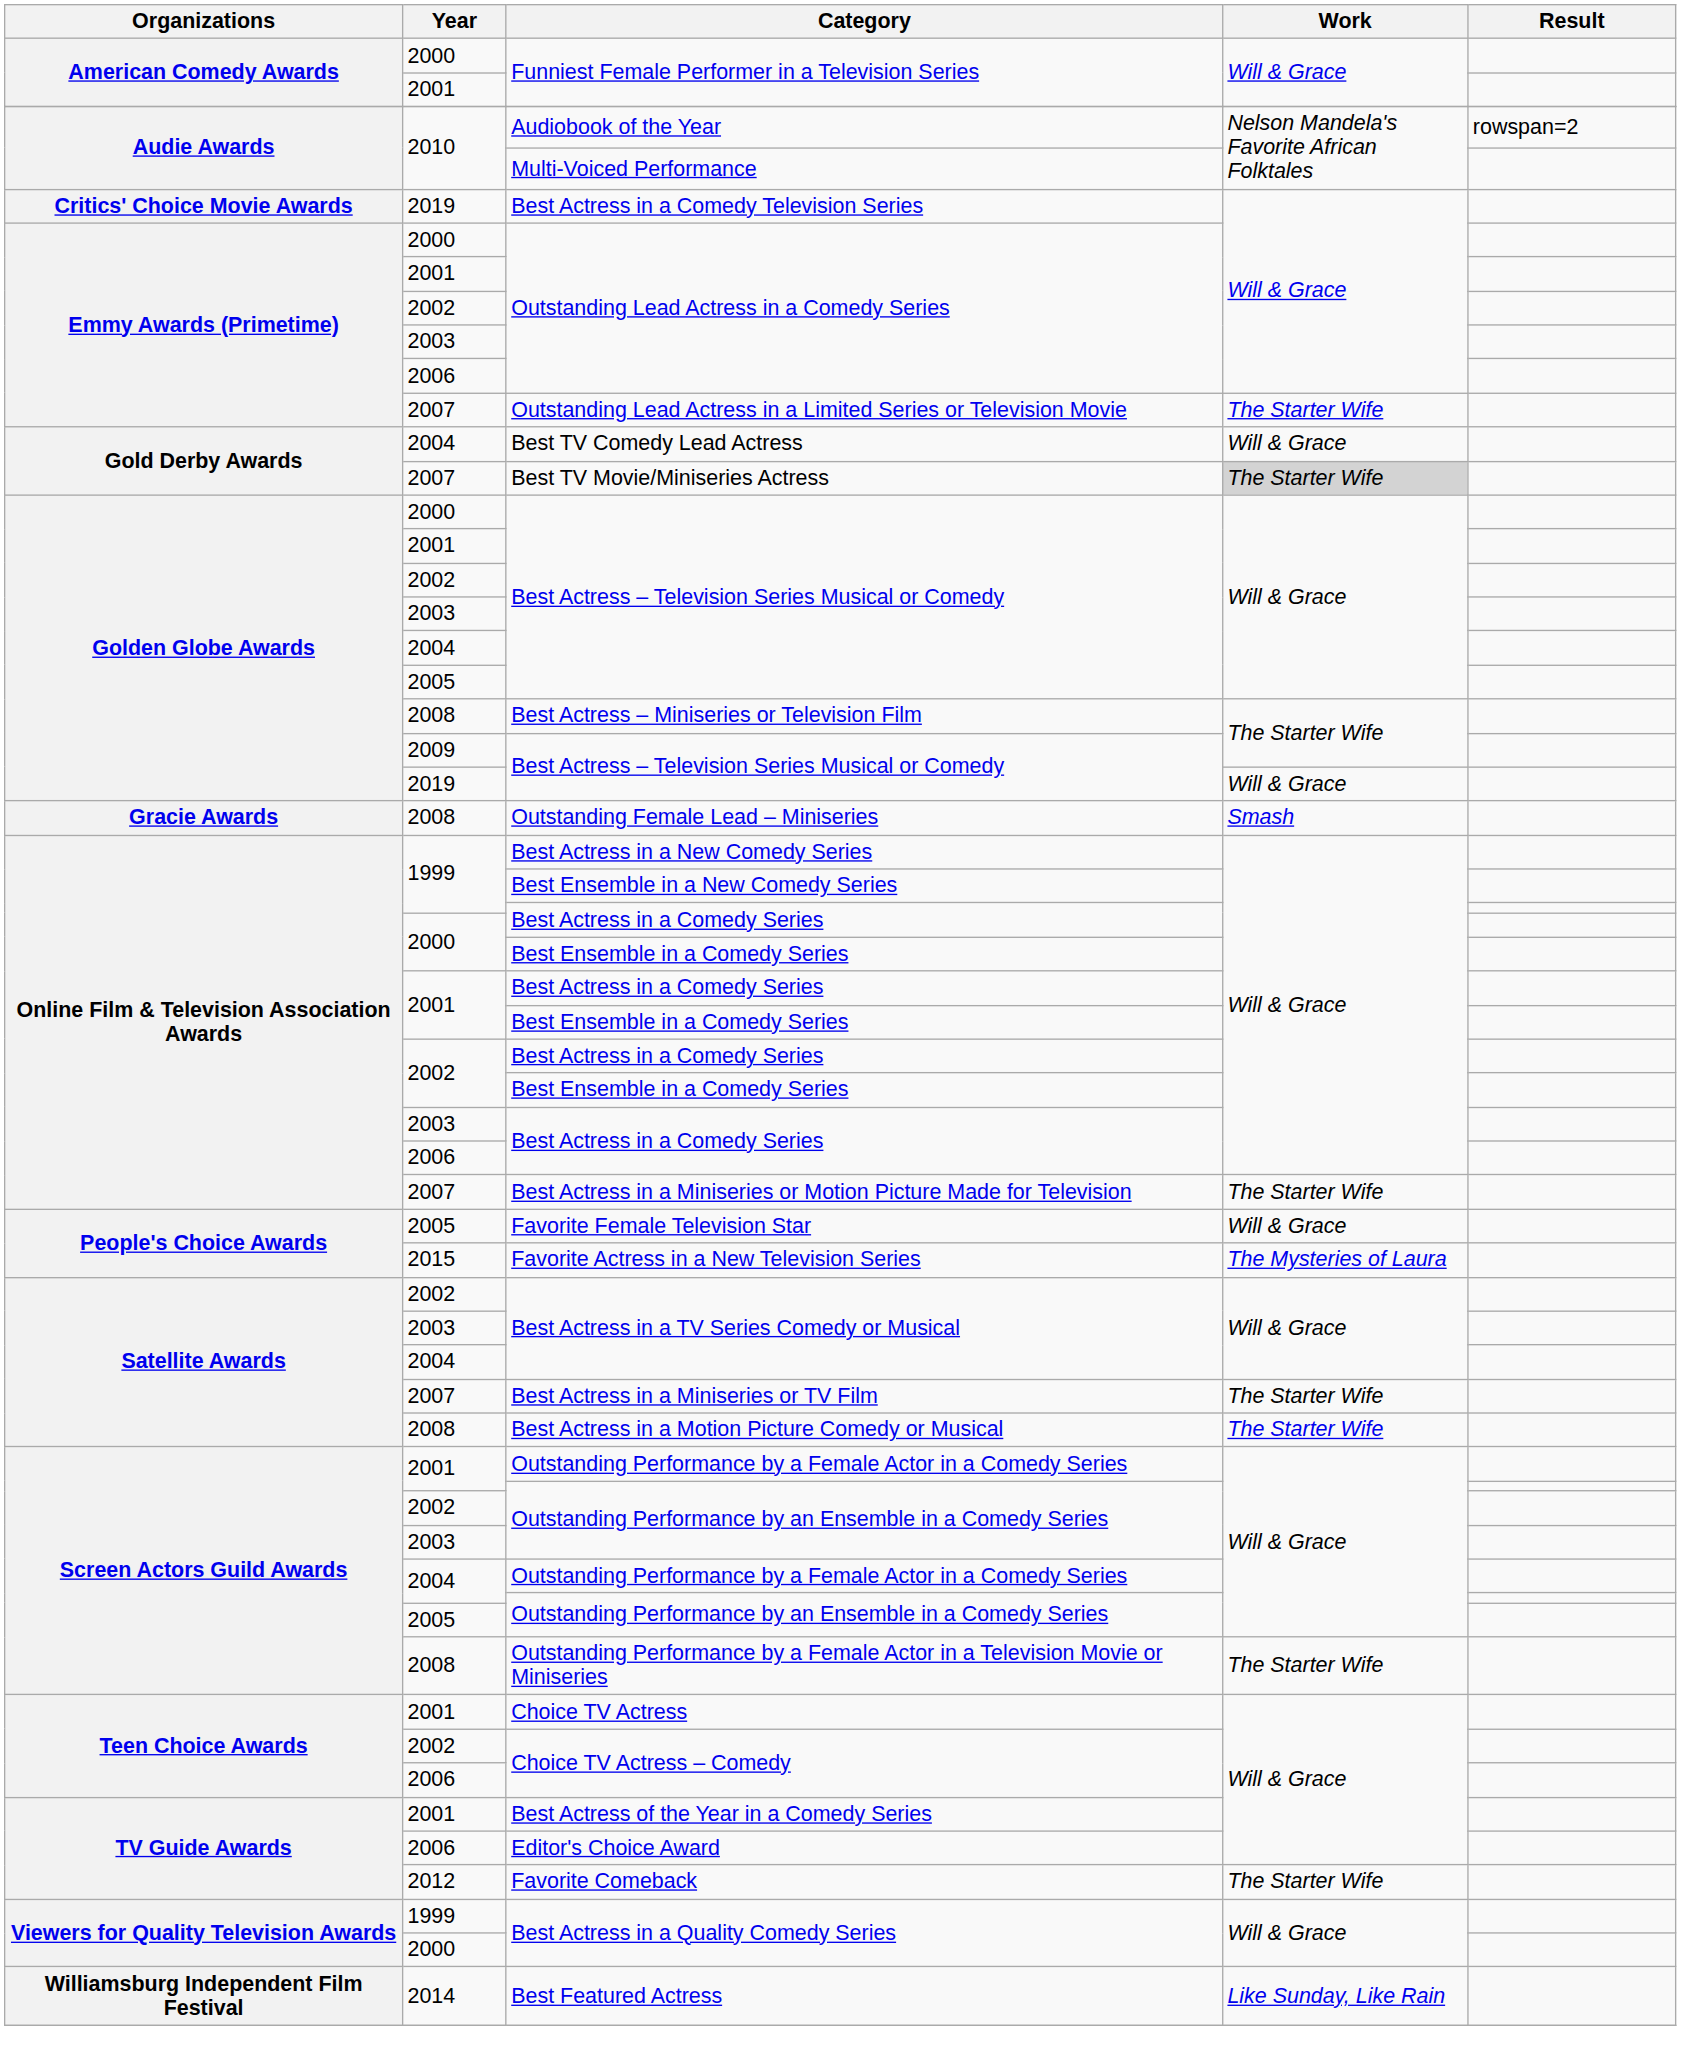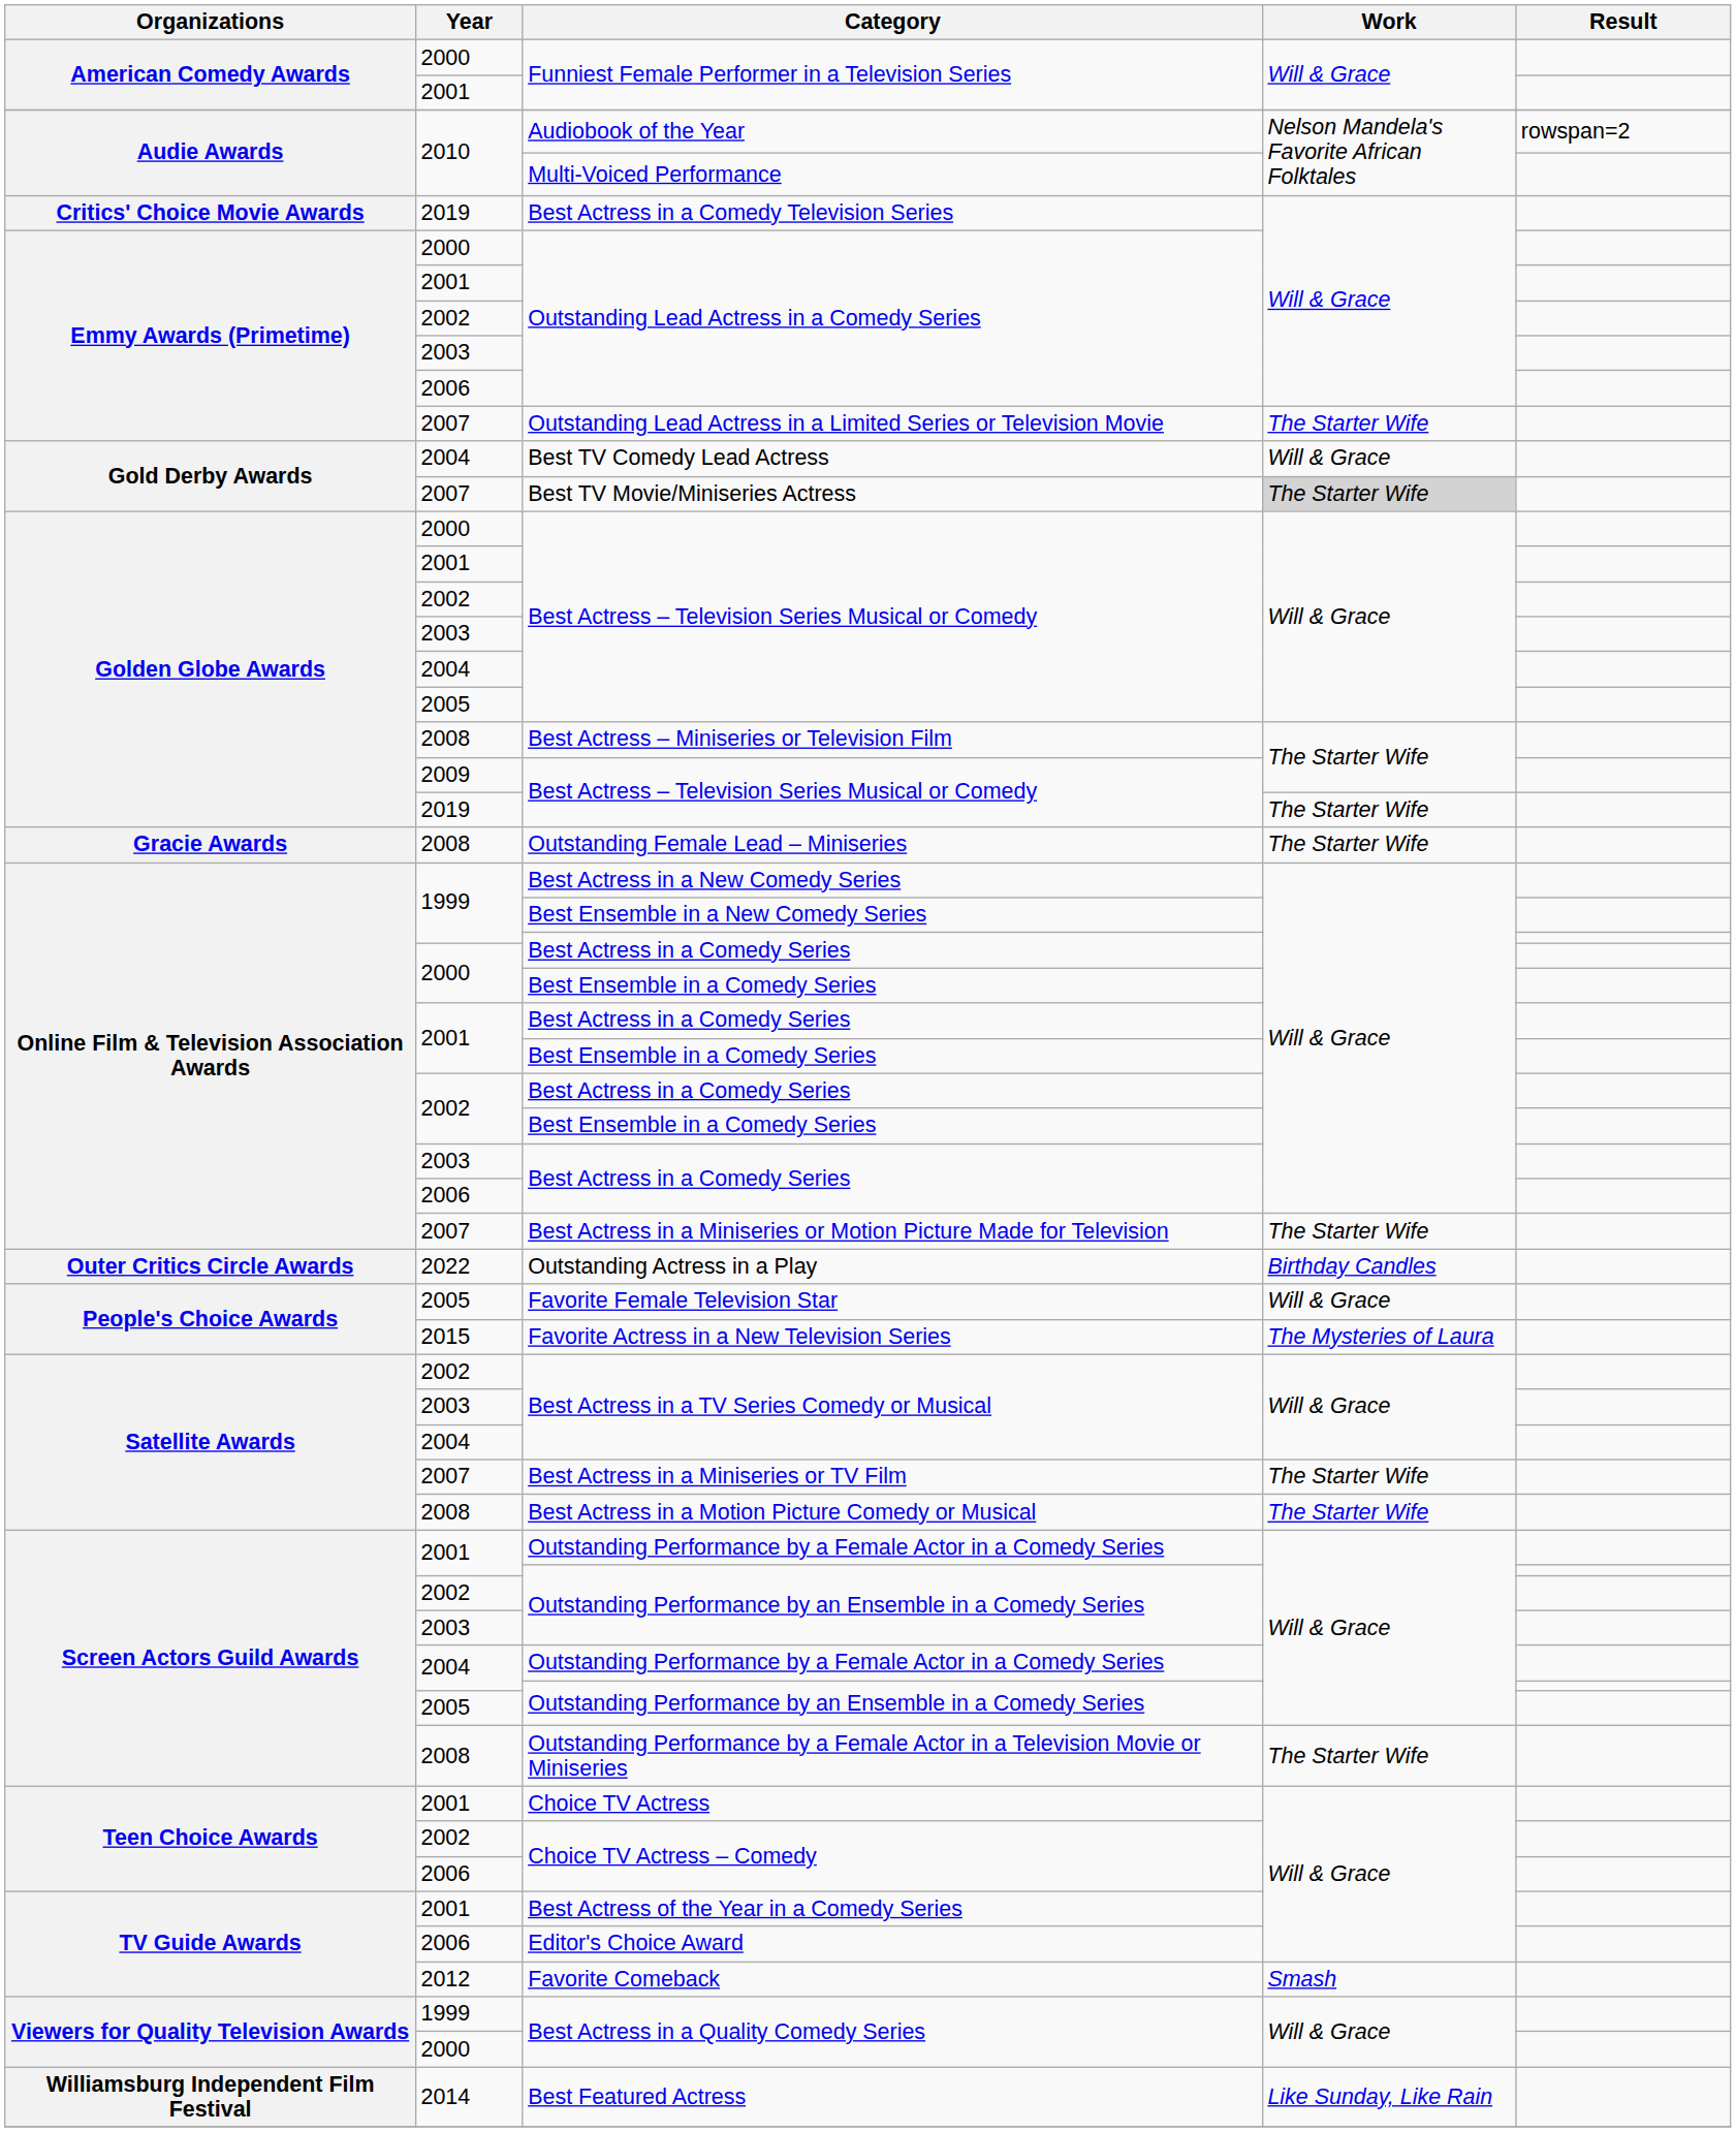 <table class=wikitable>
 <tr>
 <th width=10%>Organizations</th>
 <th width=2%>Year</th>
 <th width=18%>Category</th>
 <th width=6%>Work</th>
 <th width=4%>Result</th>
 </tr>
 <tr>
 <th scope=row rowspan="2"><a href='#'>American Comedy Awards</a></th>
 <td>2000</td>
 <td rowspan="2"><a href='#'>Funniest Female Performer in a Television Series</a></td>
 <td rowspan="2"><em><a href='#'>Will & Grace</a></em></td>
 <td></td>
 </tr>
 <tr>
 <td>2001</td>
 <td></td>
 </tr>
 <tr>
 </tr>
 <tr>
 <th scope="row" rowspan="2"><a href='#'>Audie Awards</a></th>
 <td rowspan=2>2010</td>
 <td><a href='#'>Audiobook of the Year</a></td>
 <td rowspan=2><em>Nelson Mandela's Favorite African Folktales</em></td>
 <td>rowspan=2 </td>
 </tr>
 <tr>
 <td><a href='#'>Multi-Voiced Performance</a></td>
 </tr>
 <tr>
 <th scope=row rowspan="1"><a href='#'>Critics' Choice Movie Awards</a></th>
 <td>2019</td>
 <td><a href='#'>Best Actress in a Comedy Television Series</a></td>
 <td rowspan="6"><em><a href='#'>Will & Grace</a></em></td>
 <td></td>
 </tr>
 <tr>
 <th scope=row rowspan="6"><a href='#'>Emmy Awards (Primetime)</a></th>
 <td>2000</td>
 <td rowspan="5"><a href='#'>Outstanding Lead Actress in a Comedy Series</a></td>
 <td></td>
 </tr>
 <tr>
 <td>2001</td>
 <td></td>
 </tr>
 <tr>
 <td>2002</td>
 <td></td>
 </tr>
 <tr>
 <td>2003</td>
 <td></td>
 </tr>
 <tr>
 <td>2006</td>
 <td></td>
 </tr>
 <tr>
 <td>2007</td>
 <td><a href='#'>Outstanding Lead Actress in a Limited Series or Television Movie</a></td>
 <td><em><a href='#'>The Starter Wife</a></em></td>
 <td></td>
 </tr>
 <tr>
 <th scope=row rowspan="2">Gold Derby Awards</th>
 <td>2004</td>
 <td>Best TV Comedy Lead Actress</td>
 <td><em>Will & Grace</em></td>
 <td></td>
 </tr>
 <tr>
 <td>2007</td>
 <td>Best TV Movie/Miniseries Actress</td>
 <td style="background: lightgrey;"><em>The Starter Wife</em></td>
 <td></td>
 </tr>
 <tr>
 <th scope=row rowspan="9"><a href='#'>Golden Globe Awards</a></th>
 <td>2000</td>
 <td rowspan="6"><a href='#'>Best Actress – Television Series Musical or Comedy</a></td>
 <td rowspan="6"><em>Will & Grace</em></td>
 <td></td>
 </tr>
 <tr>
 <td>2001</td>
 <td></td>
 </tr>
 <tr>
 <td>2002</td>
 <td></td>
 </tr>
 <tr>
 <td>2003</td>
 <td></td>
 </tr>
 <tr>
 <td>2004</td>
 <td></td>
 </tr>
 <tr>
 <td>2005</td>
 <td></td>
 </tr>
 <tr>
 <td>2008</td>
 <td><a href='#'>Best Actress – Miniseries or Television Film</a></td>
 <td rowspan="2"><em>The Starter Wife</em></td>
 <td></td>
 </tr>
 <tr>
 <td>2009</td>
 <td rowspan="2"><a href='#'>Best Actress – Television Series Musical or Comedy</a></td>
 <td></td>
 </tr>
 <tr>
 <td>2019</td>
-<td><em>Will & Grace</em></td>
+<td><em>The Starter Wife</em></td>
 <td></td>
 </tr>
 <tr>
 <th scope=row><a href='#'>Gracie Awards</a></th>
 <td>2008</td>
 <td><a href='#'>Outstanding Female Lead – Miniseries</a></td>
-<td><em><a href='#'>Smash</a></em></td>
+<td><em>The Starter Wife</em></td>
 <td></td>
 </tr>
 <tr>
 <th scope=row rowspan="12">Online Film & Television Association Awards</th>
 <td rowspan="3">1999</td>
 <td><a href='#'>Best Actress in a New Comedy Series</a></td>
 <td rowspan="11"><em>Will & Grace</em></td>
 <td></td>
 </tr>
 <tr>
 <td><a href='#'>Best Ensemble in a New Comedy Series</a></td>
 <td></td>
 </tr>
 <tr>
 <td rowspan="2"><a href='#'>Best Actress in a Comedy Series</a></td>
 <td></td>
 </tr>
 <tr>
 <td rowspan="2">2000</td>
 <td></td>
 </tr>
 <tr>
 <td><a href='#'>Best Ensemble in a Comedy Series</a></td>
 <td></td>
 </tr>
 <tr>
 <td rowspan="2">2001</td>
 <td><a href='#'>Best Actress in a Comedy Series</a></td>
 <td></td>
 </tr>
 <tr>
 <td><a href='#'>Best Ensemble in a Comedy Series</a></td>
 <td></td>
 </tr>
 <tr>
 <td rowspan="2">2002</td>
 <td><a href='#'>Best Actress in a Comedy Series</a></td>
 <td></td>
 </tr>
 <tr>
 <td><a href='#'>Best Ensemble in a Comedy Series</a></td>
 <td></td>
 </tr>
 <tr>
 <td>2003</td>
 <td rowspan="2"><a href='#'>Best Actress in a Comedy Series</a></td>
 <td></td>
 </tr>
 <tr>
 <td>2006</td>
 <td></td>
 </tr>
 <tr>
 <td>2007</td>
 <td><a href='#'>Best Actress in a Miniseries or Motion Picture Made for Television</a></td>
 <td><em>The Starter Wife</em></td>
+<td></td>
+</tr>
+<tr>
+<th scope=row><a href='#'>Outer Critics Circle Awards</a></th>
+<td>2022</td>
+<td>Outstanding Actress in a Play</td>
+<td><em><a href='#'>Birthday Candles</a></em></td>
 <td></td>
 </tr>
 <tr>
 <th scope=row rowspan="2"><a href='#'>People's Choice Awards</a></th>
 <td>2005</td>
 <td><a href='#'>Favorite Female Television Star</a></td>
 <td><em>Will & Grace</em></td>
 <td></td>
 </tr>
 <tr>
 <td>2015</td>
 <td><a href='#'>Favorite Actress in a New Television Series</a></td>
 <td><em><a href='#'>The Mysteries of Laura</a></em></td>
 <td></td>
 </tr>
 <tr>
 <th scope=row rowspan="5"><a href='#'>Satellite Awards</a></th>
 <td>2002</td>
 <td rowspan="3"><a href='#'>Best Actress in a TV Series Comedy or Musical</a></td>
 <td rowspan="3"><em>Will & Grace</em></td>
 <td></td>
 </tr>
 <tr>
 <td>2003</td>
 <td></td>
 </tr>
 <tr>
 <td>2004</td>
 <td></td>
 </tr>
 <tr>
 <td>2007</td>
 <td><a href='#'>Best Actress in a Miniseries or TV Film</a></td>
 <td><em>The Starter Wife</em></td>
 <td></td>
 </tr>
 <tr>
 <td>2008</td>
 <td><a href='#'>Best Actress in a Motion Picture Comedy or Musical</a></td>
 <td><em><a href='#'>The Starter Wife</a></em></td>
 <td></td>
 </tr>
 <tr>
 <th scope=row rowspan="8"><a href='#'>Screen Actors Guild Awards</a></th>
 <td rowspan="2">2001</td>
 <td><a href='#'>Outstanding Performance by a Female Actor in a Comedy Series</a></td>
 <td rowspan="7"><em>Will & Grace</em></td>
 <td></td>
 </tr>
 <tr>
 <td rowspan="3"><a href='#'>Outstanding Performance by an Ensemble in a Comedy Series</a></td>
 <td></td>
 </tr>
 <tr>
 <td>2002</td>
 <td></td>
 </tr>
 <tr>
 <td>2003</td>
 <td></td>
 </tr>
 <tr>
 <td rowspan="2">2004</td>
 <td><a href='#'>Outstanding Performance by a Female Actor in a Comedy Series</a></td>
 <td></td>
 </tr>
 <tr>
 <td rowspan="2"><a href='#'>Outstanding Performance by an Ensemble in a Comedy Series</a></td>
 <td></td>
 </tr>
 <tr>
 <td>2005</td>
 <td></td>
 </tr>
 <tr>
 <td>2008</td>
 <td><a href='#'>Outstanding Performance by a Female Actor in a Television Movie or Miniseries</a></td>
 <td><em>The Starter Wife</em></td>
 <td></td>
 </tr>
 <tr>
 <th scope=row rowspan="3"><a href='#'>Teen Choice Awards</a></th>
 <td>2001</td>
 <td><a href='#'>Choice TV Actress</a></td>
 <td rowspan="5"><em>Will & Grace</em></td>
 <td></td>
 </tr>
 <tr>
 <td>2002</td>
 <td rowspan="2"><a href='#'>Choice TV Actress – Comedy</a></td>
 <td></td>
 </tr>
 <tr>
 <td>2006</td>
 <td></td>
 </tr>
 <tr>
 <th scope=row rowspan="3"><a href='#'>TV Guide Awards</a></th>
 <td>2001</td>
 <td><a href='#'>Best Actress of the Year in a Comedy Series</a></td>
 <td></td>
 </tr>
 <tr>
 <td>2006</td>
 <td><a href='#'>Editor's Choice Award</a></td>
 <td></td>
 </tr>
 <tr>
 <td>2012</td>
 <td><a href='#'>Favorite Comeback</a></td>
-<td><em>The Starter Wife</em></td>
+<td><em><a href='#'>Smash</a></em></td>
 <td></td>
 </tr>
 <tr>
 <th scope=row rowspan="2"><a href='#'>Viewers for Quality Television Awards</a></th>
 <td>1999</td>
 <td rowspan="2"><a href='#'>Best Actress in a Quality Comedy Series</a></td>
 <td rowspan="2"><em>Will & Grace</em></td>
 <td></td>
 </tr>
 <tr>
 <td>2000</td>
 <td></td>
 </tr>
 <tr>
 <th scope=row>Williamsburg Independent Film Festival</th>
 <td>2014</td>
 <td><a href='#'>Best Featured Actress</a></td>
 <td><em><a href='#'>Like Sunday, Like Rain</a></em></td>
 <td></td>
 </tr>
 <tr>
 </tr>
 </table>
